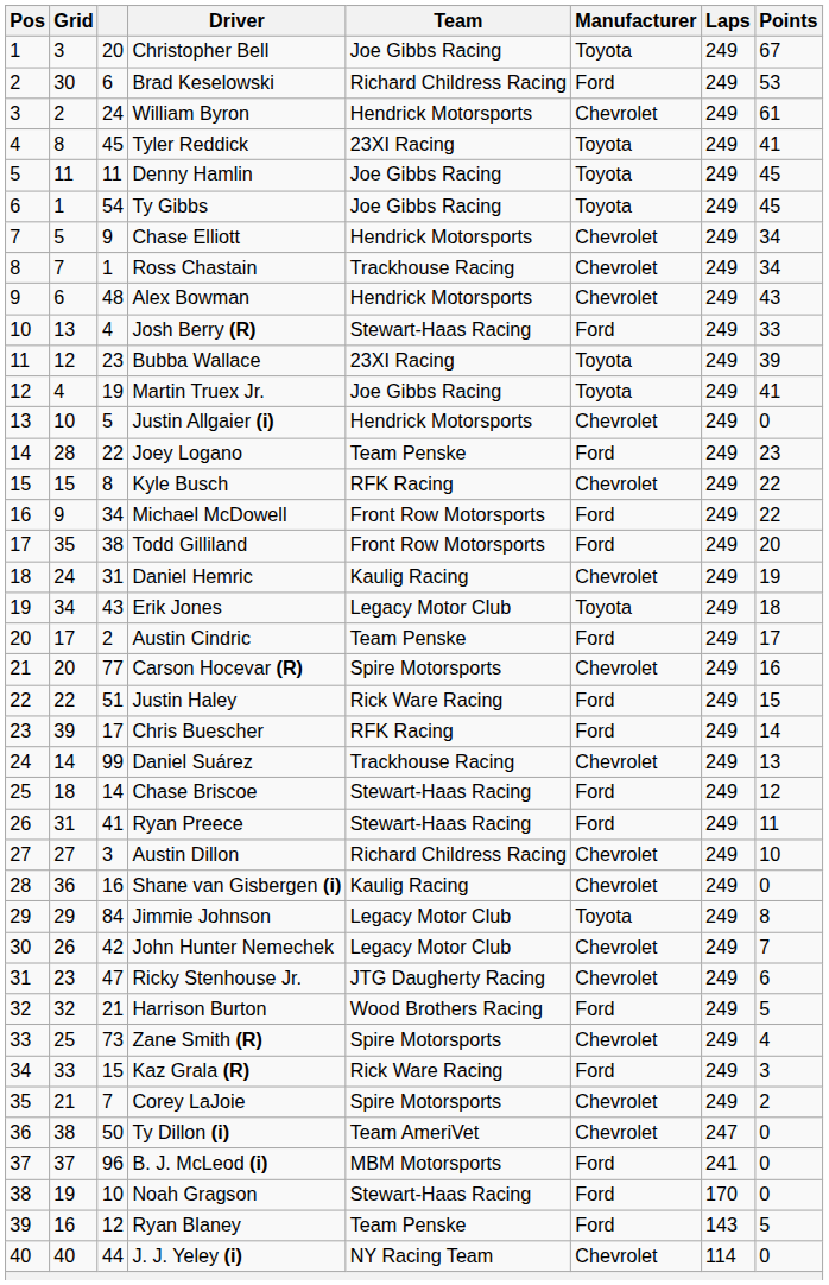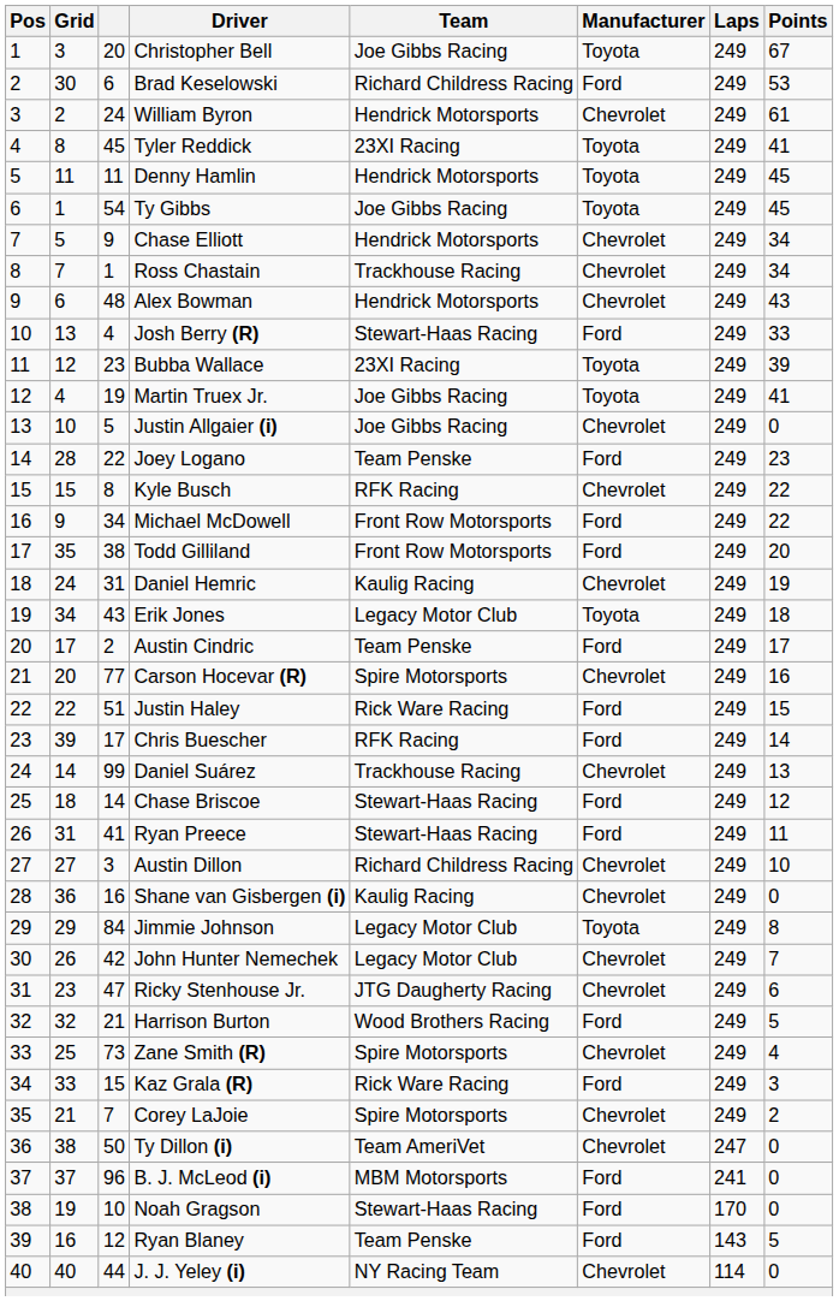 <table class="wikitable" style="font-size:98%">
 <tr>
 <th>Pos</th>
 <th>Grid</th>
 <th></th>
 <th>Driver</th>
 <th>Team</th>
 <th>Manufacturer</th>
 <th>Laps</th>
 <th>Points</th>
 </tr>
 <tr>
 <td>1</td>
 <td>3</td>
 <td>20</td>
 <td>Christopher Bell</td>
 <td>Joe Gibbs Racing</td>
 <td>Toyota</td>
 <td>249</td>
 <td>67</td>
 </tr>
 <tr>
 <td>2</td>
 <td>30</td>
 <td>6</td>
 <td>Brad Keselowski</td>
 <td>Richard Childress Racing</td>
 <td>Ford</td>
 <td>249</td>
 <td>53</td>
 </tr>
 <tr>
 <td>3</td>
 <td>2</td>
 <td>24</td>
 <td>William Byron</td>
 <td>Hendrick Motorsports</td>
 <td>Chevrolet</td>
 <td>249</td>
 <td>61</td>
 </tr>
 <tr>
 <td>4</td>
 <td>8</td>
 <td>45</td>
 <td>Tyler Reddick</td>
 <td>23XI Racing</td>
 <td>Toyota</td>
 <td>249</td>
 <td>41</td>
 </tr>
 <tr>
 <td>5</td>
 <td>11</td>
 <td>11</td>
 <td>Denny Hamlin</td>
-<td>Joe Gibbs Racing</td>
+<td>Hendrick Motorsports</td>
 <td>Toyota</td>
 <td>249</td>
 <td>45</td>
 </tr>
 <tr>
 <td>6</td>
 <td>1</td>
 <td>54</td>
 <td>Ty Gibbs</td>
 <td>Joe Gibbs Racing</td>
 <td>Toyota</td>
 <td>249</td>
 <td>45</td>
 </tr>
 <tr>
 <td>7</td>
 <td>5</td>
 <td>9</td>
 <td>Chase Elliott</td>
 <td>Hendrick Motorsports</td>
 <td>Chevrolet</td>
 <td>249</td>
 <td>34</td>
 </tr>
 <tr>
 <td>8</td>
 <td>7</td>
 <td>1</td>
 <td>Ross Chastain</td>
 <td>Trackhouse Racing</td>
 <td>Chevrolet</td>
 <td>249</td>
 <td>34</td>
 </tr>
 <tr>
 <td>9</td>
 <td>6</td>
 <td>48</td>
 <td>Alex Bowman</td>
 <td>Hendrick Motorsports</td>
 <td>Chevrolet</td>
 <td>249</td>
 <td>43</td>
 </tr>
 <tr>
 <td>10</td>
 <td>13</td>
 <td>4</td>
 <td>Josh Berry <strong>(R)</strong></td>
 <td>Stewart-Haas Racing</td>
 <td>Ford</td>
 <td>249</td>
 <td>33</td>
 </tr>
 <tr>
 <td>11</td>
 <td>12</td>
 <td>23</td>
 <td>Bubba Wallace</td>
 <td>23XI Racing</td>
 <td>Toyota</td>
 <td>249</td>
 <td>39</td>
 </tr>
 <tr>
 <td>12</td>
 <td>4</td>
 <td>19</td>
 <td>Martin Truex Jr.</td>
 <td>Joe Gibbs Racing</td>
 <td>Toyota</td>
 <td>249</td>
 <td>41</td>
 </tr>
 <tr>
 <td>13</td>
 <td>10</td>
 <td>5</td>
 <td>Justin Allgaier <strong>(i)</strong></td>
-<td>Hendrick Motorsports</td>
+<td>Joe Gibbs Racing</td>
 <td>Chevrolet</td>
 <td>249</td>
 <td>0</td>
 </tr>
 <tr>
 <td>14</td>
 <td>28</td>
 <td>22</td>
 <td>Joey Logano</td>
 <td>Team Penske</td>
 <td>Ford</td>
 <td>249</td>
 <td>23</td>
 </tr>
 <tr>
 <td>15</td>
 <td>15</td>
 <td>8</td>
 <td>Kyle Busch</td>
 <td>RFK Racing</td>
 <td>Chevrolet</td>
 <td>249</td>
 <td>22</td>
 </tr>
 <tr>
 <td>16</td>
 <td>9</td>
 <td>34</td>
 <td>Michael McDowell</td>
 <td>Front Row Motorsports</td>
 <td>Ford</td>
 <td>249</td>
 <td>22</td>
 </tr>
 <tr>
 <td>17</td>
 <td>35</td>
 <td>38</td>
 <td>Todd Gilliland</td>
 <td>Front Row Motorsports</td>
 <td>Ford</td>
 <td>249</td>
 <td>20</td>
 </tr>
 <tr>
 <td>18</td>
 <td>24</td>
 <td>31</td>
 <td>Daniel Hemric</td>
 <td>Kaulig Racing</td>
 <td>Chevrolet</td>
 <td>249</td>
 <td>19</td>
 </tr>
 <tr>
 <td>19</td>
 <td>34</td>
 <td>43</td>
 <td>Erik Jones</td>
 <td>Legacy Motor Club</td>
 <td>Toyota</td>
 <td>249</td>
 <td>18</td>
 </tr>
 <tr>
 <td>20</td>
 <td>17</td>
 <td>2</td>
 <td>Austin Cindric</td>
 <td>Team Penske</td>
 <td>Ford</td>
 <td>249</td>
 <td>17</td>
 </tr>
 <tr>
 <td>21</td>
 <td>20</td>
 <td>77</td>
 <td>Carson Hocevar <strong>(R)</strong></td>
 <td>Spire Motorsports</td>
 <td>Chevrolet</td>
 <td>249</td>
 <td>16</td>
 </tr>
 <tr>
 <td>22</td>
 <td>22</td>
 <td>51</td>
 <td>Justin Haley</td>
 <td>Rick Ware Racing</td>
 <td>Ford</td>
 <td>249</td>
 <td>15</td>
 </tr>
 <tr>
 <td>23</td>
 <td>39</td>
 <td>17</td>
 <td>Chris Buescher</td>
 <td>RFK Racing</td>
 <td>Ford</td>
 <td>249</td>
 <td>14</td>
 </tr>
 <tr>
 <td>24</td>
 <td>14</td>
 <td>99</td>
 <td>Daniel Suárez</td>
 <td>Trackhouse Racing</td>
 <td>Chevrolet</td>
 <td>249</td>
 <td>13</td>
 </tr>
 <tr>
 <td>25</td>
 <td>18</td>
 <td>14</td>
 <td>Chase Briscoe</td>
 <td>Stewart-Haas Racing</td>
 <td>Ford</td>
 <td>249</td>
 <td>12</td>
 </tr>
 <tr>
 <td>26</td>
 <td>31</td>
 <td>41</td>
 <td>Ryan Preece</td>
 <td>Stewart-Haas Racing</td>
 <td>Ford</td>
 <td>249</td>
 <td>11</td>
 </tr>
 <tr>
 <td>27</td>
 <td>27</td>
 <td>3</td>
 <td>Austin Dillon</td>
 <td>Richard Childress Racing</td>
 <td>Chevrolet</td>
 <td>249</td>
 <td>10</td>
 </tr>
 <tr>
 <td>28</td>
 <td>36</td>
 <td>16</td>
 <td>Shane van Gisbergen <strong>(i)</strong></td>
 <td>Kaulig Racing</td>
 <td>Chevrolet</td>
 <td>249</td>
 <td>0</td>
 </tr>
 <tr>
 <td>29</td>
 <td>29</td>
 <td>84</td>
 <td>Jimmie Johnson</td>
 <td>Legacy Motor Club</td>
 <td>Toyota</td>
 <td>249</td>
 <td>8</td>
 </tr>
 <tr>
 <td>30</td>
 <td>26</td>
 <td>42</td>
 <td>John Hunter Nemechek</td>
 <td>Legacy Motor Club</td>
 <td>Chevrolet</td>
 <td>249</td>
 <td>7</td>
 </tr>
 <tr>
 <td>31</td>
 <td>23</td>
 <td>47</td>
 <td>Ricky Stenhouse Jr.</td>
 <td>JTG Daugherty Racing</td>
 <td>Chevrolet</td>
 <td>249</td>
 <td>6</td>
 </tr>
 <tr>
 <td>32</td>
 <td>32</td>
 <td>21</td>
 <td>Harrison Burton</td>
 <td>Wood Brothers Racing</td>
 <td>Ford</td>
 <td>249</td>
 <td>5</td>
 </tr>
 <tr>
 <td>33</td>
 <td>25</td>
 <td>73</td>
 <td>Zane Smith <strong>(R)</strong></td>
 <td>Spire Motorsports</td>
 <td>Chevrolet</td>
 <td>249</td>
 <td>4</td>
 </tr>
 <tr>
 <td>34</td>
 <td>33</td>
 <td>15</td>
 <td>Kaz Grala <strong>(R)</strong></td>
 <td>Rick Ware Racing</td>
 <td>Ford</td>
 <td>249</td>
 <td>3</td>
 </tr>
 <tr>
 <td>35</td>
 <td>21</td>
 <td>7</td>
 <td>Corey LaJoie</td>
 <td>Spire Motorsports</td>
 <td>Chevrolet</td>
 <td>249</td>
 <td>2</td>
 </tr>
 <tr>
 <td>36</td>
 <td>38</td>
 <td>50</td>
 <td>Ty Dillon <strong>(i)</strong></td>
 <td>Team AmeriVet</td>
 <td>Chevrolet</td>
 <td>247</td>
 <td>0</td>
 </tr>
 <tr>
 <td>37</td>
 <td>37</td>
 <td>96</td>
 <td>B. J. McLeod <strong>(i)</strong></td>
 <td>MBM Motorsports</td>
 <td>Ford</td>
 <td>241</td>
 <td>0</td>
 </tr>
 <tr>
 <td>38</td>
 <td>19</td>
 <td>10</td>
 <td>Noah Gragson</td>
 <td>Stewart-Haas Racing</td>
 <td>Ford</td>
 <td>170</td>
 <td>0</td>
 </tr>
 <tr>
 <td>39</td>
 <td>16</td>
 <td>12</td>
 <td>Ryan Blaney</td>
 <td>Team Penske</td>
 <td>Ford</td>
 <td>143</td>
 <td>5</td>
 </tr>
 <tr>
 <td>40</td>
 <td>40</td>
 <td>44</td>
 <td>J. J. Yeley <strong>(i)</strong></td>
 <td>NY Racing Team</td>
 <td>Chevrolet</td>
 <td>114</td>
 <td>0</td>
 </tr>
 <tr>
 <th colspan="8"></th>
 </tr>
 </table>
